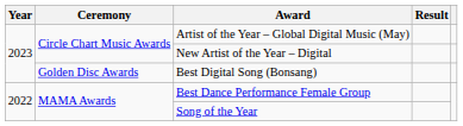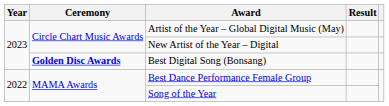 <table class="wikitable plainrowheaders">
 <tr>
 <th scope="col">Year</th>
 <th scope="col">Ceremony </th>
 <th scope="col">Award </th>
 <th scope="col">Result</th>
 <th scope="col" class="unsortable"></th>
 </tr>
 <tr>
 <td rowspan="3" scope="row">2023</td>
 <td rowspan="2"><a href='#'>Circle Chart Music Awards</a></td>
 <td>Artist of the Year – Global Digital Music (May)</td>
 <td></td>
 <td style="text-align:center"></td>
 </tr>
 <tr>
 <td>New Artist of the Year – Digital</td>
 <td></td>
 <td style="text-align:center"></td>
 </tr>
 <tr>
-<td><a href='#'>Golden Disc Awards</a></td>
+<td><strong><a href='#'>Golden Disc Awards</a></strong></td>
 <td>Best Digital Song (Bonsang)</td>
 <td></td>
 <td style="text-align:center"></td>
 </tr>
 <tr>
 <td rowspan="2" scope="row">2022</td>
 <td rowspan="2"><a href='#'>MAMA Awards</a></td>
 <td><a href='#'>Best Dance Performance Female Group</a></td>
 <td></td>
 <td style="text-align:center"  rowspan="2"></td>
 </tr>
 <tr>
 <td><a href='#'>Song of the Year</a></td>
 <td></td>
 </tr>
 </table>
